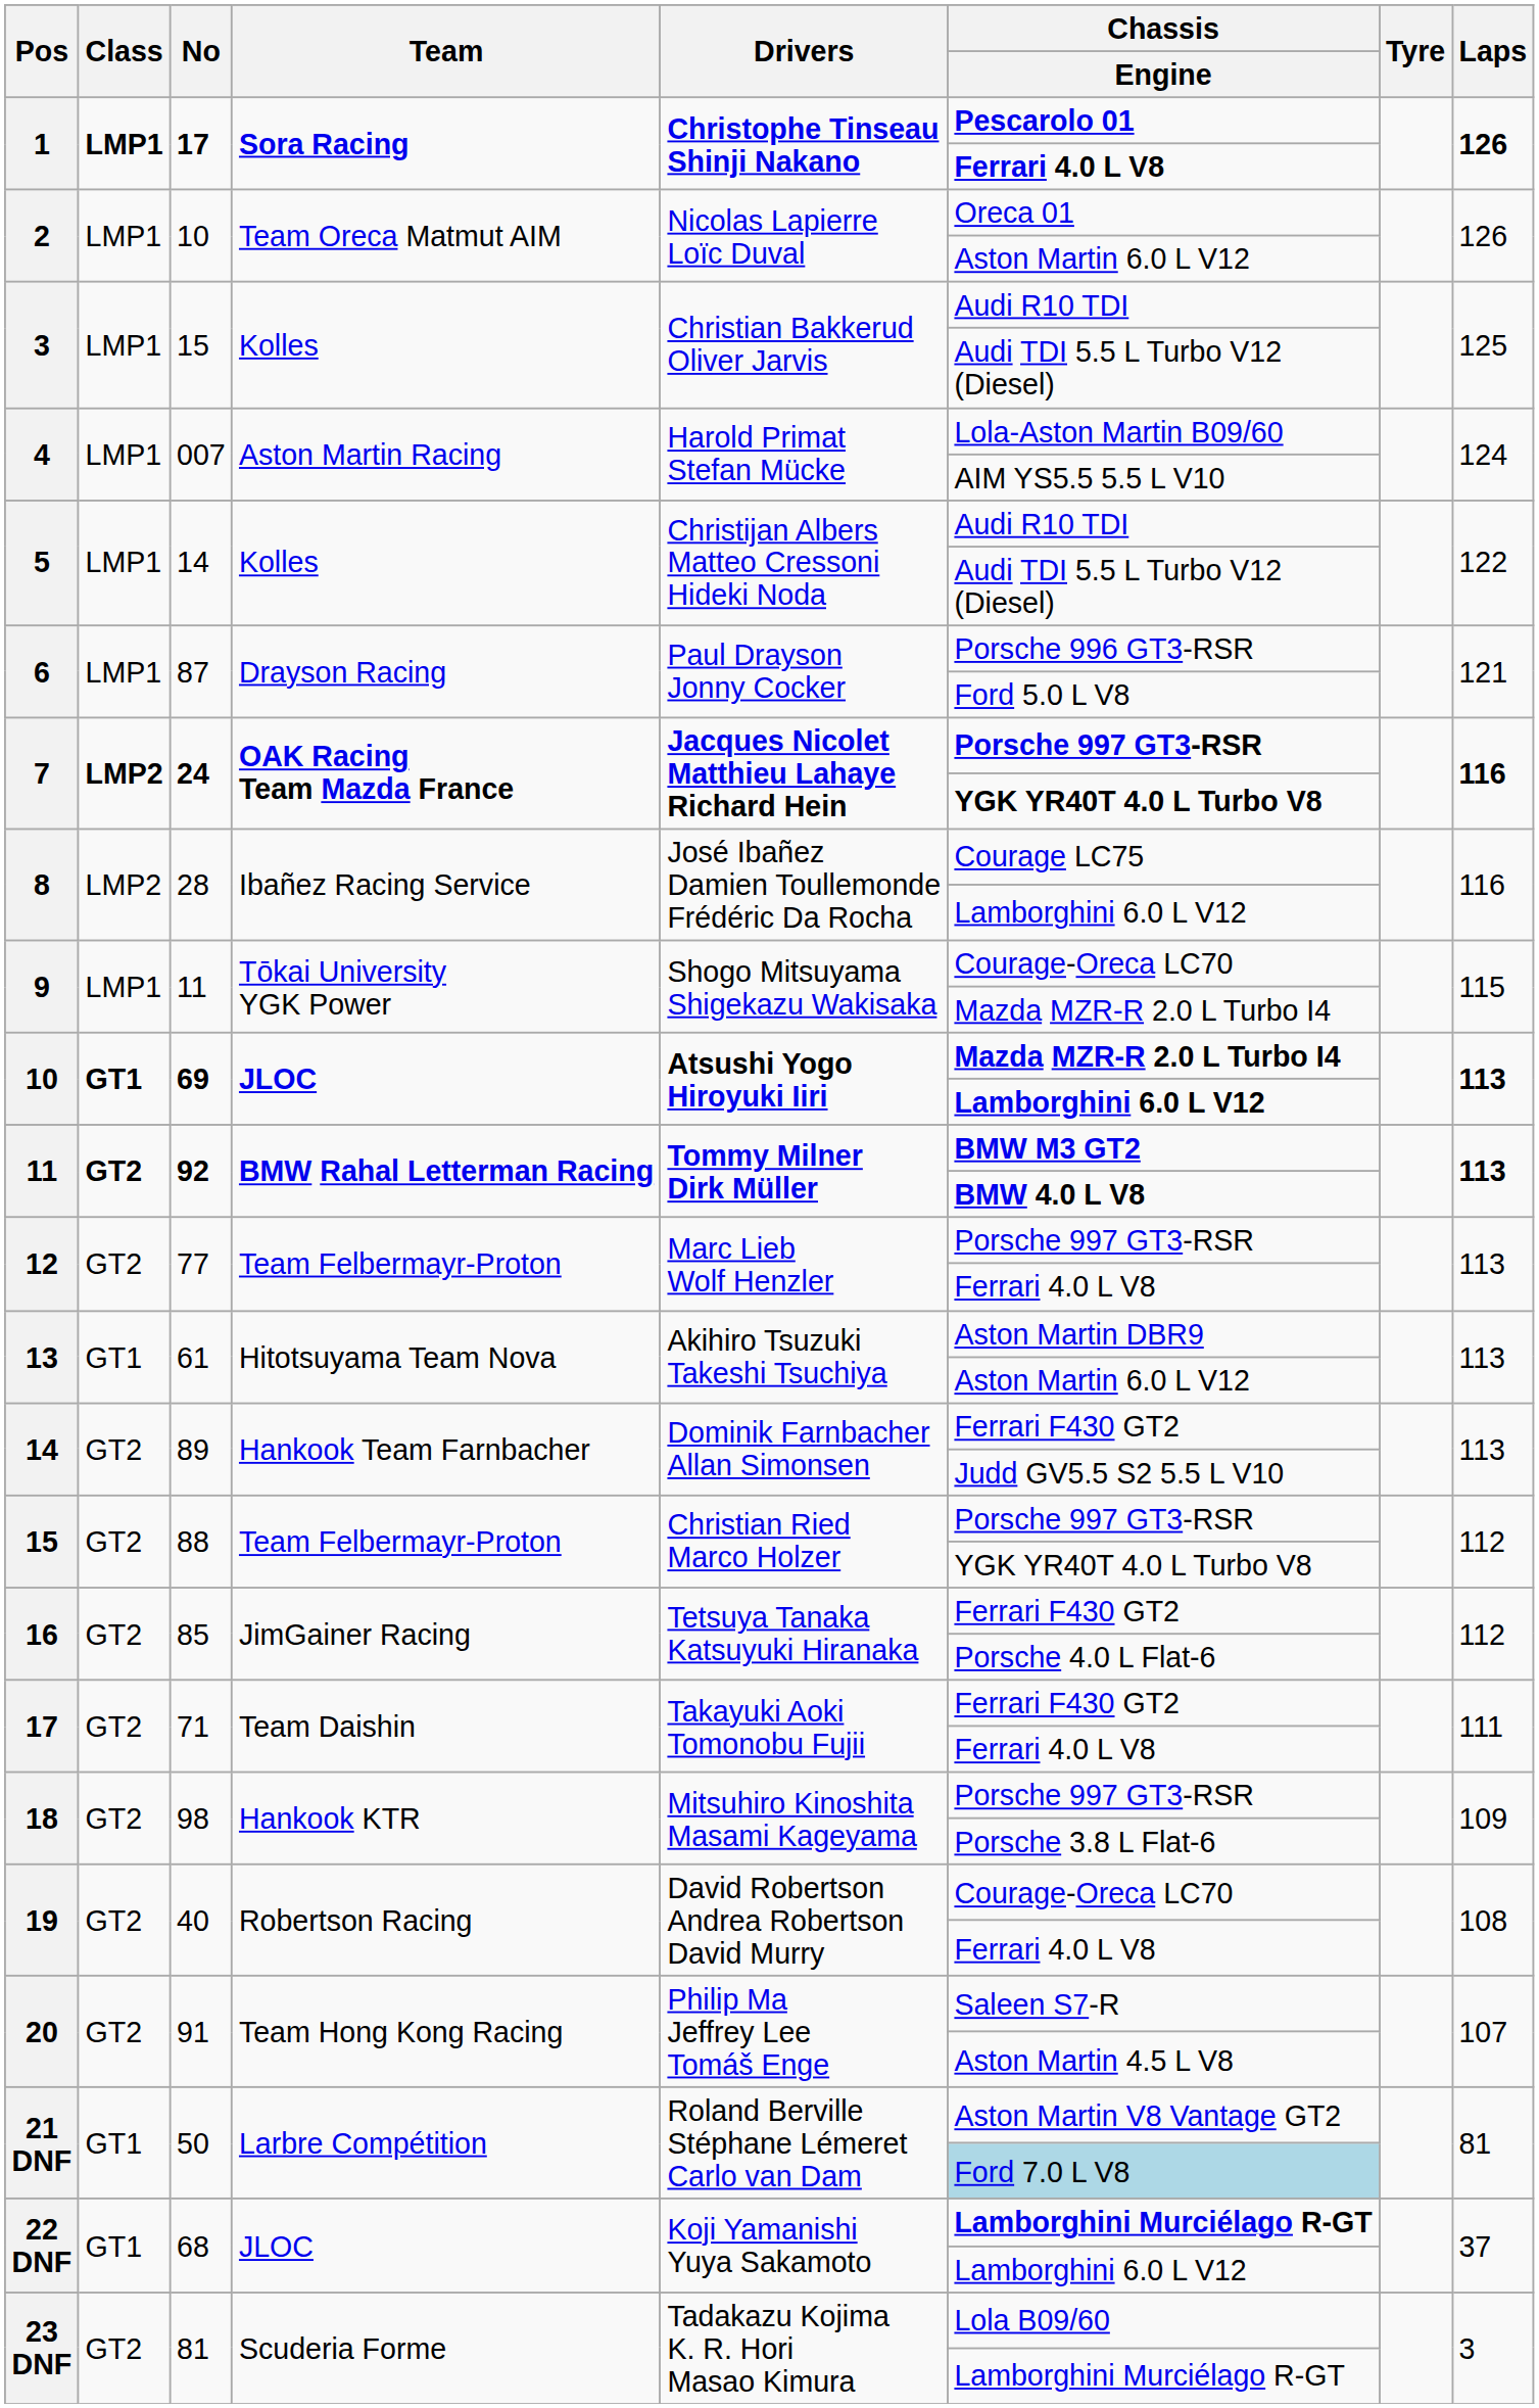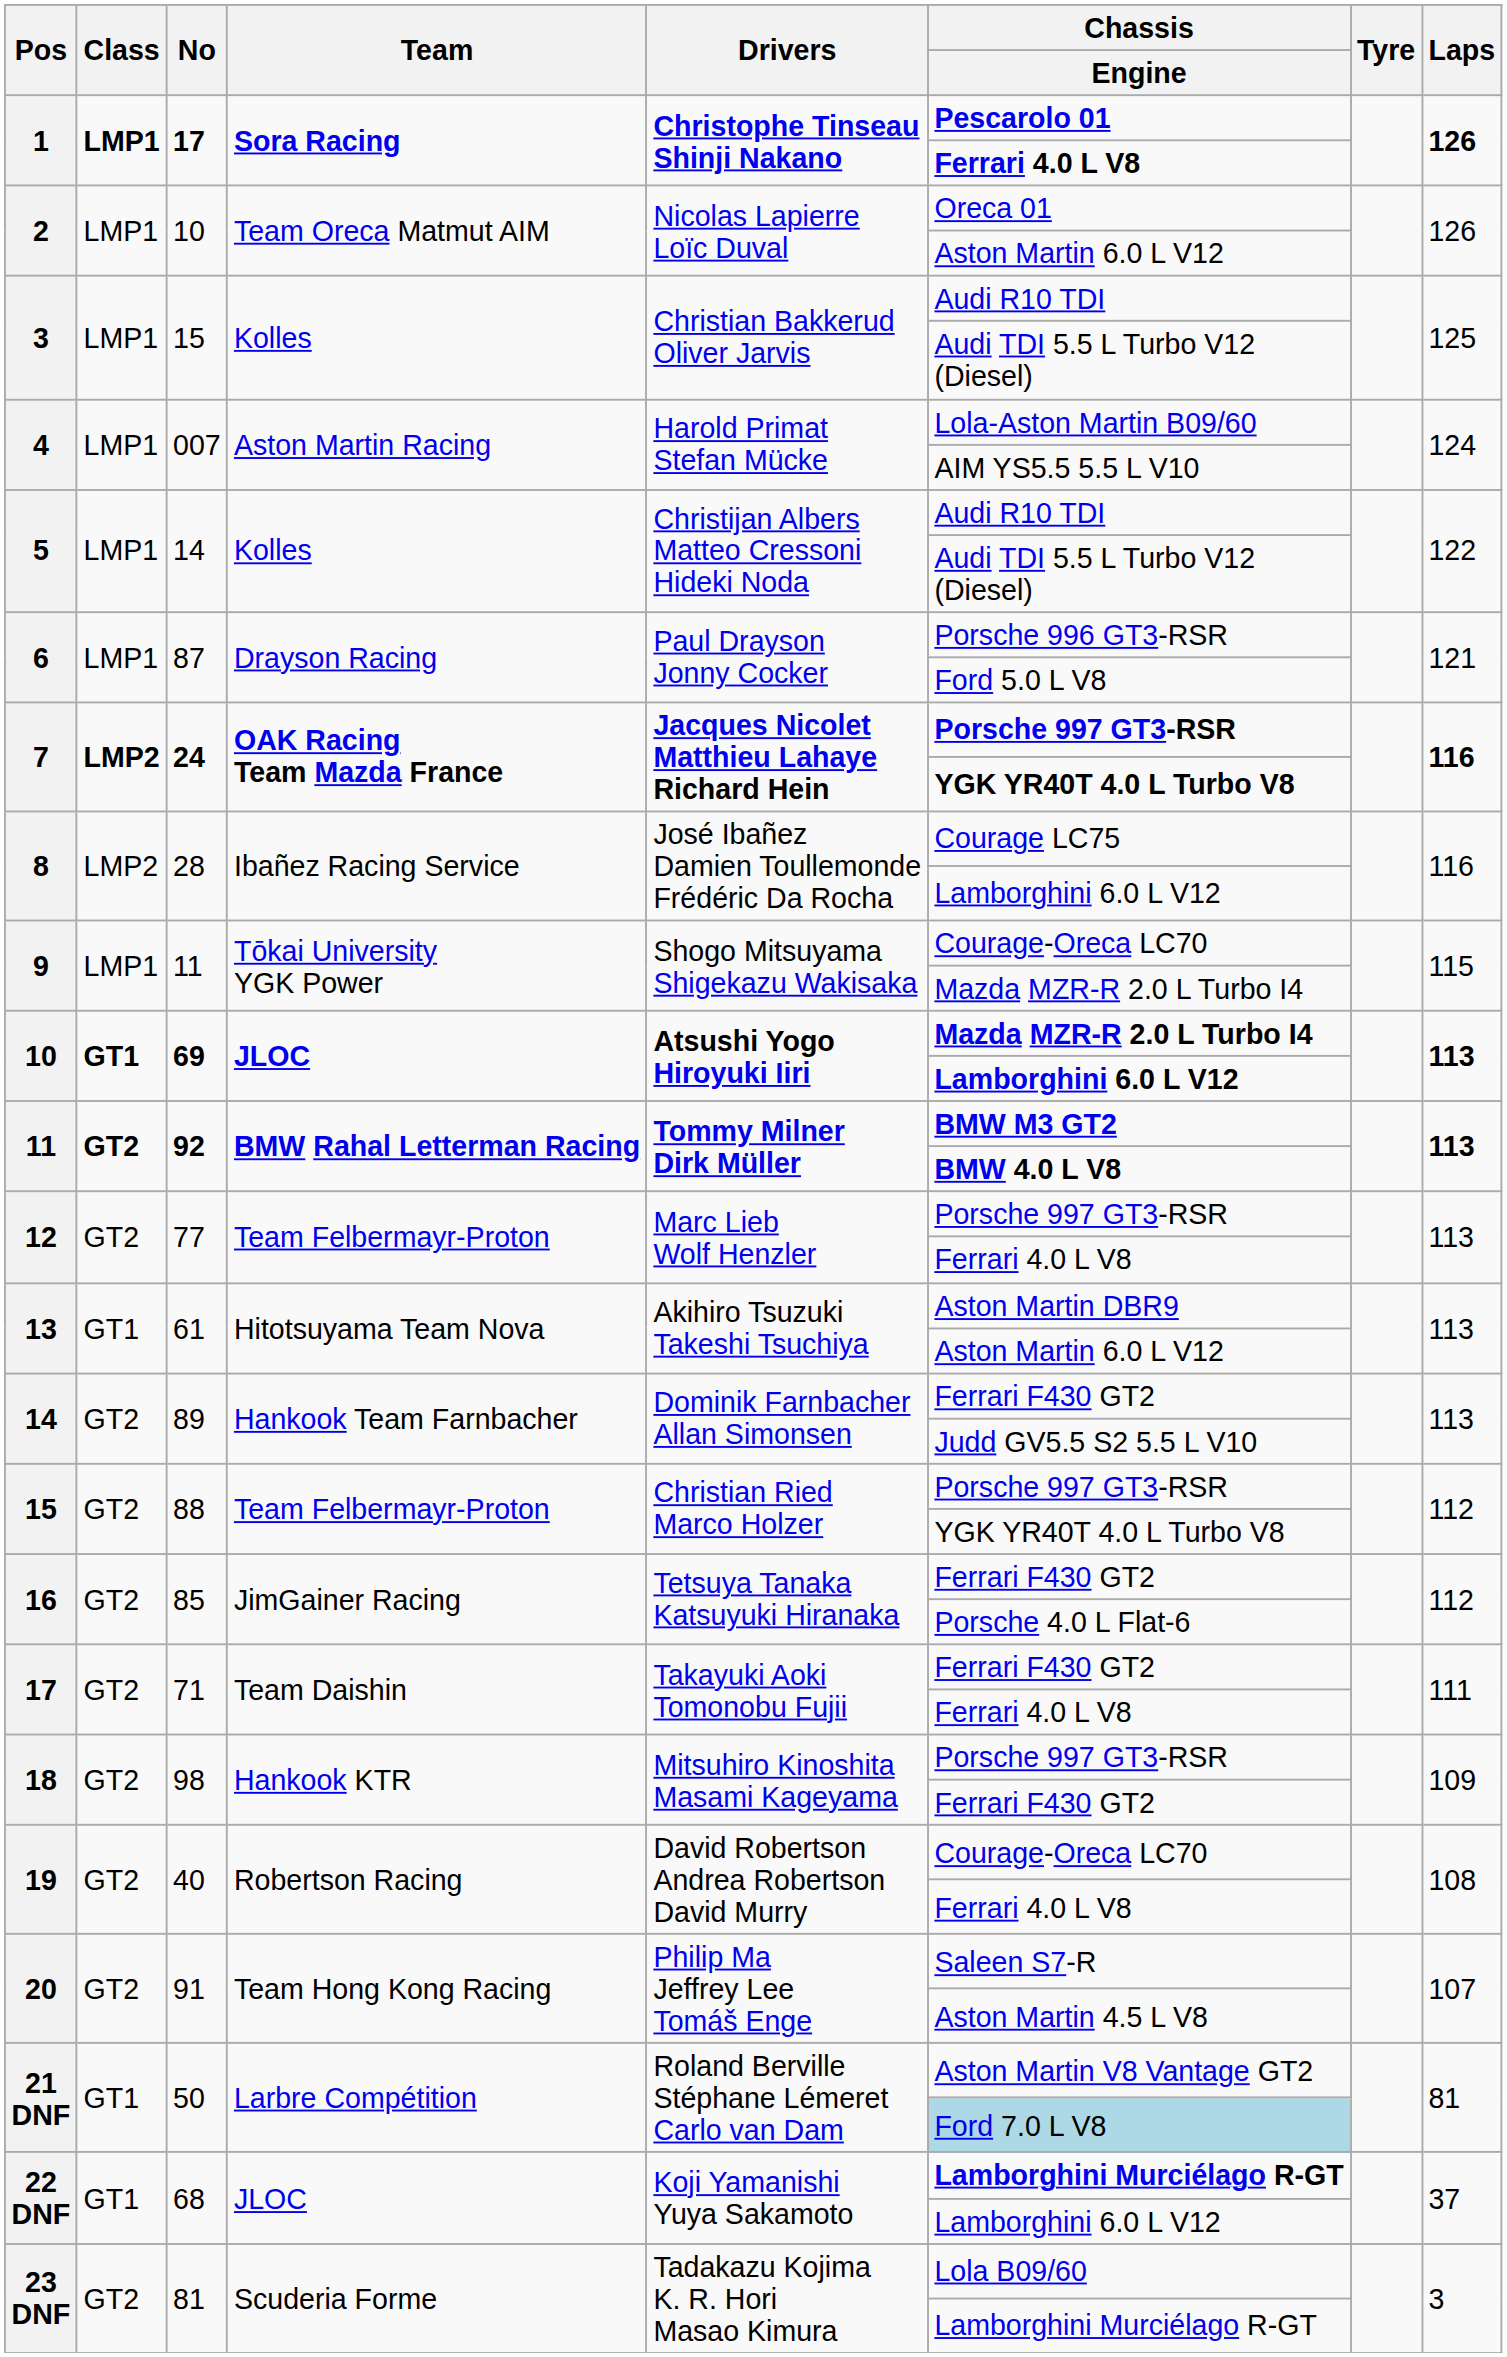 <table class="wikitable" style="font-size: 95%;">
 <tr>
 <th rowspan=2>Pos</th>
 <th rowspan=2>Class</th>
 <th rowspan=2>No</th>
 <th rowspan=2>Team</th>
 <th rowspan=2>Drivers</th>
 <th>Chassis</th>
 <th rowspan=2>Tyre</th>
 <th rowspan=2>Laps</th>
 </tr>
 <tr>
 <th>Engine</th>
 </tr>
 <tr style="font-weight:bold">
 <th rowspan=2>1</th>
 <td rowspan=2>LMP1</td>
 <td rowspan=2>17</td>
 <td rowspan=2> <a href='#'>Sora Racing</a></td>
 <td rowspan=2> <a href='#'>Christophe Tinseau</a><br> <a href='#'>Shinji Nakano</a></td>
 <td><a href='#'>Pescarolo 01</a></td>
 <td rowspan=2></td>
 <td rowspan=2>126</td>
 </tr>
 <tr style="font-weight:bold">
 <td><a href='#'>Ferrari</a> 4.0 L V8</td>
 </tr>
 <tr>
 <th rowspan=2>2</th>
 <td rowspan=2>LMP1</td>
 <td rowspan=2>10</td>
 <td rowspan=2> <a href='#'>Team Oreca</a> Matmut AIM</td>
 <td rowspan=2> <a href='#'>Nicolas Lapierre</a><br> <a href='#'>Loïc Duval</a></td>
 <td><a href='#'>Oreca 01</a></td>
 <td rowspan=2></td>
 <td rowspan=2>126</td>
 </tr>
 <tr>
 <td><a href='#'>Aston Martin</a> 6.0 L V12</td>
 </tr>
 <tr>
 <th rowspan=2>3</th>
 <td rowspan=2>LMP1</td>
 <td rowspan=2>15</td>
 <td rowspan=2> <a href='#'>Kolles</a></td>
 <td rowspan=2> <a href='#'>Christian Bakkerud</a><br> <a href='#'>Oliver Jarvis</a></td>
 <td><a href='#'>Audi R10 TDI</a></td>
 <td rowspan=2></td>
 <td rowspan=2>125</td>
 </tr>
 <tr>
 <td><a href='#'>Audi</a> <a href='#'>TDI</a> 5.5 L Turbo V12<br>(Diesel)</td>
 </tr>
 <tr>
 <th rowspan=2>4</th>
 <td rowspan=2>LMP1</td>
 <td rowspan=2>007</td>
 <td rowspan=2> <a href='#'>Aston Martin Racing</a></td>
 <td rowspan=2> <a href='#'>Harold Primat</a><br> <a href='#'>Stefan Mücke</a></td>
 <td><a href='#'>Lola-Aston Martin B09/60</a></td>
 <td rowspan=2></td>
 <td rowspan=2>124</td>
 </tr>
 <tr>
 <td>AIM YS5.5 5.5 L V10</td>
 </tr>
 <tr>
 <th rowspan=2>5</th>
 <td rowspan=2>LMP1</td>
 <td rowspan=2>14</td>
 <td rowspan=2> <a href='#'>Kolles</a></td>
 <td rowspan=2> <a href='#'>Christijan Albers</a><br> <a href='#'>Matteo Cressoni</a><br> <a href='#'>Hideki Noda</a></td>
 <td><a href='#'>Audi R10 TDI</a></td>
 <td rowspan=2></td>
 <td rowspan=2>122</td>
 </tr>
 <tr>
 <td><a href='#'>Audi</a> <a href='#'>TDI</a> 5.5 L Turbo V12<br>(Diesel)</td>
 </tr>
 <tr>
 <th rowspan=2>6</th>
 <td rowspan=2>LMP1</td>
 <td rowspan=2>87</td>
 <td rowspan=2> <a href='#'>Drayson Racing</a></td>
 <td rowspan=2> <a href='#'>Paul Drayson</a><br> <a href='#'>Jonny Cocker</a></td>
 <td><a href='#'>Porsche 996 GT3</a>-RSR</td>
 <td rowspan=2></td>
 <td rowspan=2>121</td>
 </tr>
 <tr>
 <td><a href='#'>Ford</a> 5.0 L V8</td>
 </tr>
 <tr style="font-weight:bold">
 <th rowspan=2>7</th>
 <td rowspan=2>LMP2</td>
 <td rowspan=2>24</td>
 <td rowspan=2> <a href='#'>OAK Racing</a><br> Team <a href='#'>Mazda</a> France</td>
 <td rowspan=2> <a href='#'>Jacques Nicolet</a><br> <a href='#'>Matthieu Lahaye</a><br> Richard Hein</td>
 <td><a href='#'>Porsche 997 GT3</a>-RSR</td>
 <td rowspan=2></td>
 <td rowspan=2>116</td>
 </tr>
 <tr style="font-weight:bold">
 <td>YGK YR40T 4.0 L Turbo V8</td>
 </tr>
 <tr>
 <th rowspan=2>8</th>
 <td rowspan=2>LMP2</td>
 <td rowspan=2>28</td>
 <td rowspan=2> Ibañez Racing Service</td>
 <td rowspan=2> José Ibañez<br> Damien Toullemonde<br> Frédéric Da Rocha</td>
 <td><a href='#'>Courage</a> LC75</td>
 <td rowspan=2></td>
 <td rowspan=2>116</td>
 </tr>
 <tr>
 <td><a href='#'>Lamborghini</a> 6.0 L V12</td>
 </tr>
 <tr>
 <th rowspan=2>9</th>
 <td rowspan=2>LMP1</td>
 <td rowspan=2>11</td>
 <td rowspan=2> <a href='#'>Tōkai University</a><br> YGK Power</td>
 <td rowspan=2> Shogo Mitsuyama<br> <a href='#'>Shigekazu Wakisaka</a></td>
 <td><a href='#'>Courage</a>-<a href='#'>Oreca</a> LC70</td>
 <td rowspan=2></td>
 <td rowspan=2>115</td>
 </tr>
 <tr>
 <td><a href='#'>Mazda</a> <a href='#'>MZR-R</a> 2.0 L Turbo I4</td>
 </tr>
 <tr style="font-weight:bold">
 <th rowspan=2>10</th>
 <td rowspan=2>GT1</td>
 <td rowspan=2>69</td>
 <td rowspan=2> <a href='#'>JLOC</a></td>
 <td rowspan=2> Atsushi Yogo<br> <a href='#'>Hiroyuki Iiri</a></td>
 <td><a href='#'>Mazda</a> <a href='#'>MZR-R</a> 2.0 L Turbo I4</td>
 <td rowspan=2></td>
 <td rowspan=2>113</td>
 </tr>
 <tr style="font-weight:bold">
 <td><a href='#'>Lamborghini</a> 6.0 L V12</td>
 </tr>
 <tr style="font-weight:bold">
 <th rowspan=2>11</th>
 <td rowspan=2>GT2</td>
 <td rowspan=2>92</td>
 <td rowspan=2> <a href='#'>BMW</a> <a href='#'>Rahal Letterman Racing</a></td>
 <td rowspan=2> <a href='#'>Tommy Milner</a><br> <a href='#'>Dirk Müller</a></td>
 <td><a href='#'>BMW M3 GT2</a></td>
 <td rowspan=2></td>
 <td rowspan=2>113</td>
 </tr>
 <tr style="font-weight:bold">
 <td><a href='#'>BMW</a> 4.0 L V8</td>
 </tr>
 <tr>
 <th rowspan=2>12</th>
 <td rowspan=2>GT2</td>
 <td rowspan=2>77</td>
 <td rowspan=2> <a href='#'>Team Felbermayr-Proton</a></td>
 <td rowspan=2> <a href='#'>Marc Lieb</a><br> <a href='#'>Wolf Henzler</a></td>
 <td><a href='#'>Porsche 997 GT3</a>-RSR</td>
 <td rowspan=2></td>
 <td rowspan=2>113</td>
 </tr>
 <tr>
 <td><a href='#'>Ferrari</a> 4.0 L V8</td>
 </tr>
 <tr>
 <th rowspan=2>13</th>
 <td rowspan=2>GT1</td>
 <td rowspan=2>61</td>
 <td rowspan=2> Hitotsuyama Team Nova</td>
 <td rowspan=2> Akihiro Tsuzuki<br> <a href='#'>Takeshi Tsuchiya</a></td>
 <td><a href='#'>Aston Martin DBR9</a></td>
 <td rowspan=2></td>
 <td rowspan=2>113</td>
 </tr>
 <tr>
 <td><a href='#'>Aston Martin</a> 6.0 L V12</td>
 </tr>
 <tr>
 <th rowspan=2>14</th>
 <td rowspan=2>GT2</td>
 <td rowspan=2>89</td>
 <td rowspan=2> <a href='#'>Hankook</a> Team Farnbacher</td>
 <td rowspan=2> <a href='#'>Dominik Farnbacher</a><br> <a href='#'>Allan Simonsen</a></td>
 <td><a href='#'>Ferrari F430</a> GT2</td>
 <td rowspan=2></td>
 <td rowspan=2>113</td>
 </tr>
 <tr>
 <td><a href='#'>Judd</a> GV5.5 S2 5.5 L V10</td>
 </tr>
 <tr>
 <th rowspan=2>15</th>
 <td rowspan=2>GT2</td>
 <td rowspan=2>88</td>
 <td rowspan=2> <a href='#'>Team Felbermayr-Proton</a></td>
 <td rowspan=2> <a href='#'>Christian Ried</a><br> <a href='#'>Marco Holzer</a></td>
 <td><a href='#'>Porsche 997 GT3</a>-RSR</td>
 <td rowspan=2></td>
 <td rowspan=2>112</td>
 </tr>
 <tr>
 <td>YGK YR40T 4.0 L Turbo V8</td>
 </tr>
 <tr>
 <th rowspan=2>16</th>
 <td rowspan=2>GT2</td>
 <td rowspan=2>85</td>
 <td rowspan=2> JimGainer Racing</td>
 <td rowspan=2> <a href='#'>Tetsuya Tanaka</a><br> <a href='#'>Katsuyuki Hiranaka</a></td>
 <td><a href='#'>Ferrari F430</a> GT2</td>
 <td rowspan=2></td>
 <td rowspan=2>112</td>
 </tr>
 <tr>
 <td><a href='#'>Porsche</a> 4.0 L Flat-6</td>
 </tr>
 <tr>
 <th rowspan=2>17</th>
 <td rowspan=2>GT2</td>
 <td rowspan=2>71</td>
 <td rowspan=2> Team Daishin</td>
 <td rowspan=2> <a href='#'>Takayuki Aoki</a><br> <a href='#'>Tomonobu Fujii</a></td>
 <td><a href='#'>Ferrari F430</a> GT2</td>
 <td rowspan=2></td>
 <td rowspan=2>111</td>
 </tr>
 <tr>
 <td><a href='#'>Ferrari</a> 4.0 L V8</td>
 </tr>
 <tr>
 <th rowspan=2>18</th>
 <td rowspan=2>GT2</td>
 <td rowspan=2>98</td>
 <td rowspan=2> <a href='#'>Hankook</a> KTR</td>
 <td rowspan=2> <a href='#'>Mitsuhiro Kinoshita</a><br> <a href='#'>Masami Kageyama</a></td>
 <td><a href='#'>Porsche 997 GT3</a>-RSR</td>
 <td rowspan=2></td>
 <td rowspan=2>109</td>
 </tr>
 <tr>
-<td><a href='#'>Porsche</a> 3.8 L Flat-6</td>
+<td><a href='#'>Ferrari F430</a> GT2</td>
 </tr>
 <tr>
 <th rowspan=2>19</th>
 <td rowspan=2>GT2</td>
 <td rowspan=2>40</td>
 <td rowspan=2> Robertson Racing</td>
 <td rowspan=2> David Robertson<br> Andrea Robertson<br> David Murry</td>
 <td><a href='#'>Courage</a>-<a href='#'>Oreca</a> LC70</td>
 <td rowspan=2></td>
 <td rowspan=2>108</td>
 </tr>
 <tr>
 <td><a href='#'>Ferrari</a> 4.0 L V8</td>
 </tr>
 <tr>
 <th rowspan=2>20</th>
 <td rowspan=2>GT2</td>
 <td rowspan=2>91</td>
 <td rowspan=2> Team Hong Kong Racing</td>
 <td rowspan=2> <a href='#'>Philip Ma</a><br> Jeffrey Lee<br> <a href='#'>Tomáš Enge</a></td>
 <td><a href='#'>Saleen S7</a>-R</td>
 <td rowspan=2></td>
 <td rowspan=2>107</td>
 </tr>
 <tr>
 <td><a href='#'>Aston Martin</a> 4.5 L V8</td>
 </tr>
 <tr>
 <th rowspan=2>21<br>DNF</th>
 <td rowspan=2>GT1</td>
 <td rowspan=2>50</td>
 <td rowspan=2> <a href='#'>Larbre Compétition</a></td>
 <td rowspan=2> Roland Berville<br> Stéphane Lémeret<br> <a href='#'>Carlo van Dam</a></td>
 <td><a href='#'>Aston Martin V8 Vantage</a> GT2</td>
 <td rowspan=2></td>
 <td rowspan=2>81</td>
 </tr>
 <tr>
 <td style="background: lightblue;"><a href='#'>Ford</a> 7.0 L V8</td>
 </tr>
 <tr>
 <th rowspan=2>22<br>DNF</th>
 <td rowspan=2>GT1</td>
 <td rowspan=2>68</td>
 <td rowspan=2> <a href='#'>JLOC</a></td>
 <td rowspan=2> <a href='#'>Koji Yamanishi</a><br> Yuya Sakamoto</td>
 <td><strong><a href='#'>Lamborghini Murciélago</a> R-GT</strong></td>
 <td rowspan=2></td>
 <td rowspan=2>37</td>
 </tr>
 <tr>
 <td><a href='#'>Lamborghini</a> 6.0 L V12</td>
 </tr>
 <tr>
 <th rowspan=2>23<br>DNF</th>
 <td rowspan=2>GT2</td>
 <td rowspan=2>81</td>
 <td rowspan=2> Scuderia Forme</td>
 <td rowspan=2> Tadakazu Kojima<br> K. R. Hori<br> Masao Kimura</td>
 <td><a href='#'>Lola B09/60</a></td>
 <td rowspan=2></td>
 <td rowspan=2>3</td>
 </tr>
 <tr>
 <td><a href='#'>Lamborghini Murciélago</a> R-GT</td>
 </tr>
 </table>
